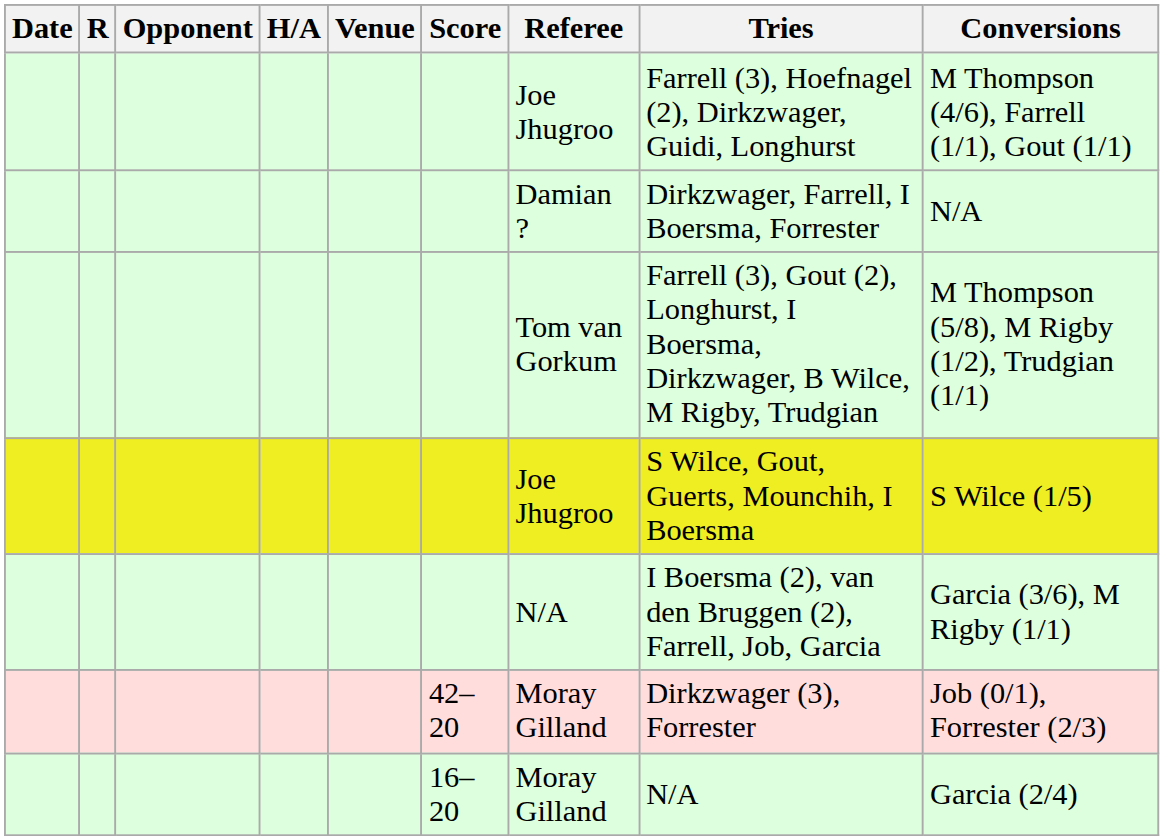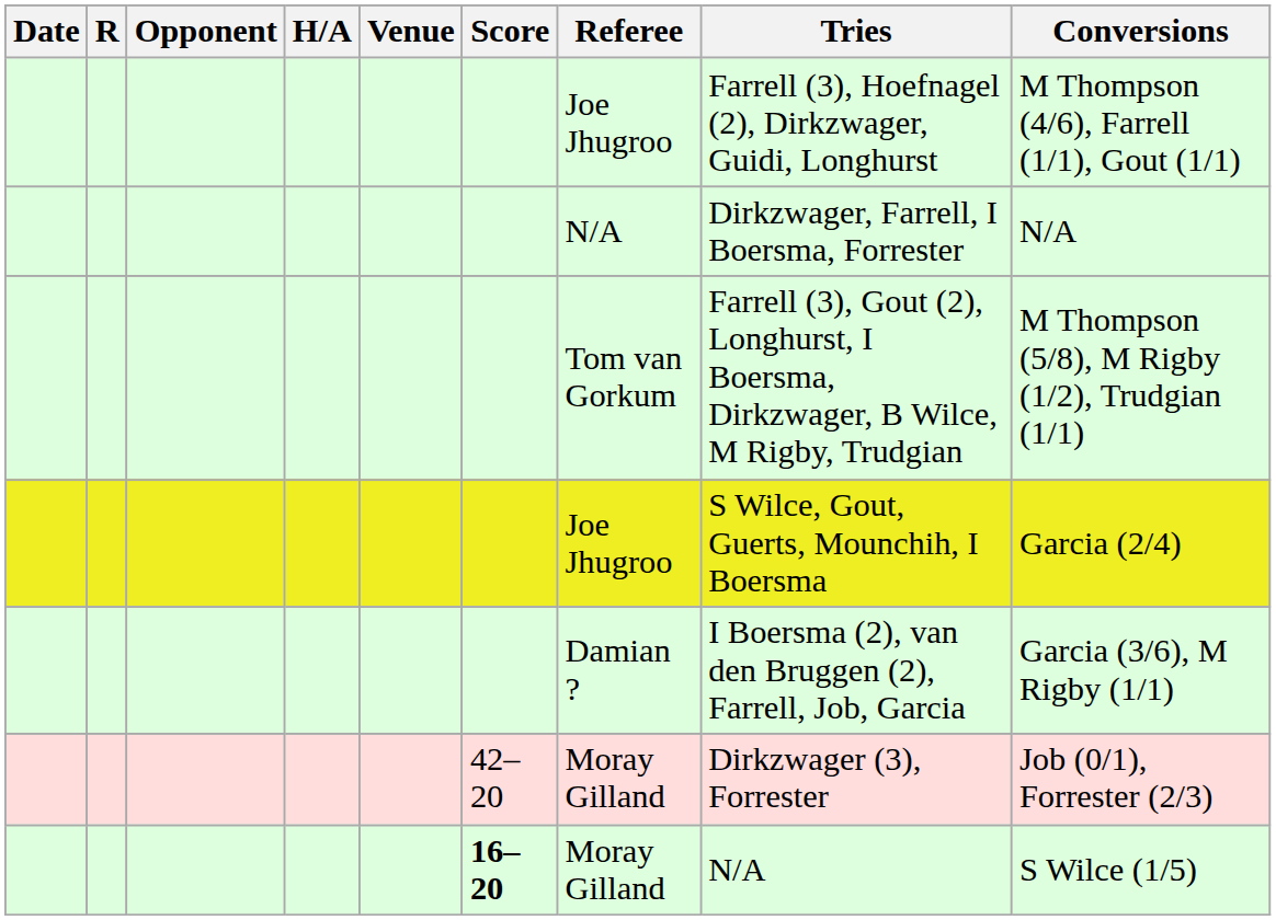 <table class="wikitable">
 <tr>
 <th>Date</th>
 <th>R</th>
 <th>Opponent</th>
 <th>H/A</th>
 <th>Venue</th>
 <th>Score</th>
 <th>Referee</th>
 <th>Tries</th>
 <th>Conversions</th>
 </tr>
 <tr style="background:#ddffdd;">
 <td></td>
 <td></td>
 <td></td>
 <td></td>
 <td></td>
 <td></td>
 <td> Joe Jhugroo</td>
 <td>Farrell (3), Hoefnagel (2), Dirkzwager, Guidi, Longhurst</td>
 <td>M Thompson (4/6), Farrell (1/1), Gout (1/1)</td>
 </tr>
 <tr style="background:#ddffdd;">
 <td></td>
 <td></td>
 <td></td>
 <td></td>
 <td></td>
 <td></td>
-<td> Damian ?</td>
+<td>N/A</td>
 <td>Dirkzwager, Farrell, I Boersma, Forrester</td>
 <td>N/A</td>
 </tr>
 <tr style="background:#ddffdd;">
 <td></td>
 <td></td>
 <td></td>
 <td></td>
 <td></td>
 <td></td>
 <td> Tom van Gorkum</td>
 <td>Farrell (3), Gout (2), Longhurst, I Boersma, Dirkzwager, B Wilce, M Rigby, Trudgian</td>
 <td>M Thompson (5/8), M Rigby (1/2), Trudgian (1/1)</td>
 </tr>
 <tr style="background:#EEEE22;">
 <td></td>
 <td></td>
 <td></td>
 <td></td>
 <td></td>
 <td></td>
 <td> Joe Jhugroo</td>
 <td>S Wilce, Gout, Guerts, Mounchih, I Boersma</td>
-<td>S Wilce (1/5)</td>
+<td>Garcia (2/4)</td>
 </tr>
 <tr style="background:#ddffdd;">
 <td></td>
 <td></td>
 <td></td>
 <td></td>
 <td></td>
 <td></td>
-<td>N/A</td>
+<td> Damian ?</td>
 <td>I Boersma (2), van den Bruggen (2), Farrell, Job, Garcia</td>
 <td>Garcia (3/6), M Rigby (1/1)</td>
 </tr>
 <tr style="background:#ffdddd;">
 <td></td>
 <td></td>
 <td></td>
 <td></td>
 <td></td>
 <td>42–20</td>
 <td> Moray Gilland</td>
 <td>Dirkzwager (3), Forrester</td>
 <td>Job (0/1), Forrester (2/3)</td>
 </tr>
 <tr style="background:#ddffdd;">
 <td></td>
 <td></td>
 <td></td>
 <td></td>
 <td></td>
-<td>16–20</td>
+<td><strong>16–20</strong></td>
 <td> Moray Gilland</td>
 <td>N/A</td>
-<td>Garcia (2/4)</td>
+<td>S Wilce (1/5)</td>
 </tr>
 </table>
